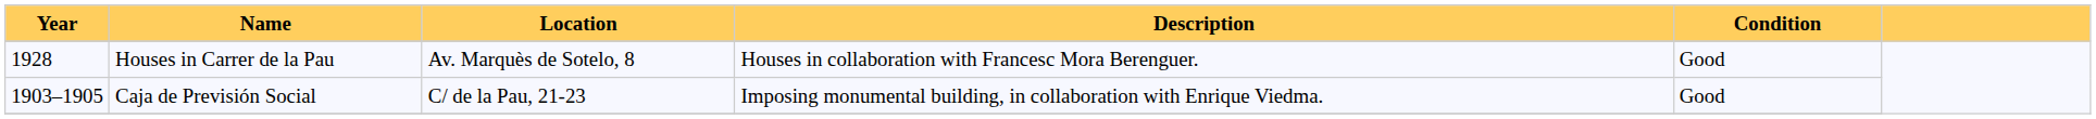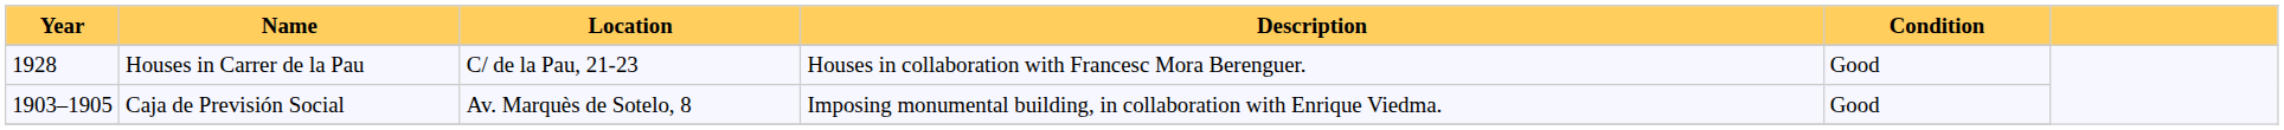 <table bgcolor="#f7f8ff" cellpadding="4" cellspacing="0" border="1" style="font-size: 95%; border: #cccccc solid 1px; border-collapse: collapse;">
 <tr>
 <th width="5%" style="background:#ffce5d;">Year</th>
 <th width="15%" style="background:#ffce5d;">Name</th>
 <th width="15%" style="background:#ffce5d;">Location</th>
 <th width="45%" style="background:#ffce5d;">Description</th>
 <th width="10%" style="background:#ffce5d;">Condition</th>
 <th width="10%" style="background:#ffce5d;"></th>
 </tr>
 <tr ---->
 </tr>
 <tr>
 <td>1928</td>
 <td>Houses in Carrer de la Pau</td>
-<td>Av. Marquès de Sotelo, 8</td>
+<td>C/ de la Pau, 21-23<br></td>
 <td>Houses in collaboration with Francesc Mora Berenguer.</td>
 <td>Good</td>
 </tr>
 <tr>
 <td>1903–1905</td>
 <td>Caja de Previsión Social</td>
-<td>C/ de la Pau, 21-23<br></td>
+<td>Av. Marquès de Sotelo, 8</td>
 <td>Imposing monumental building, in collaboration with Enrique Viedma.</td>
 <td>Good</td>
 </tr>
 <tr>
 </tr>
 </table>
